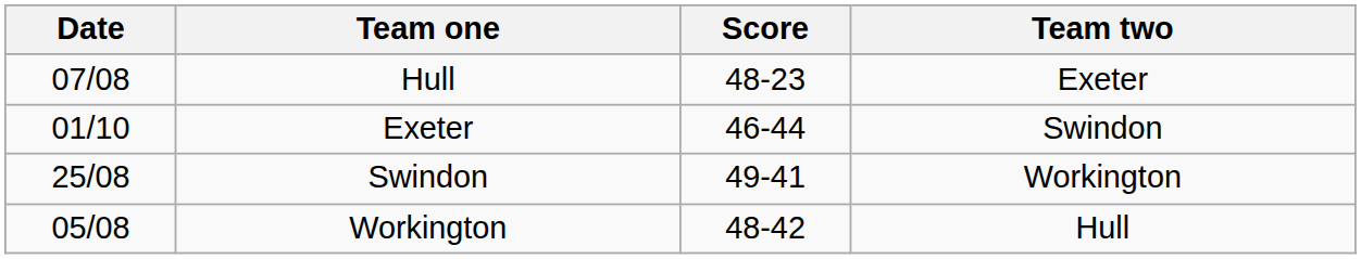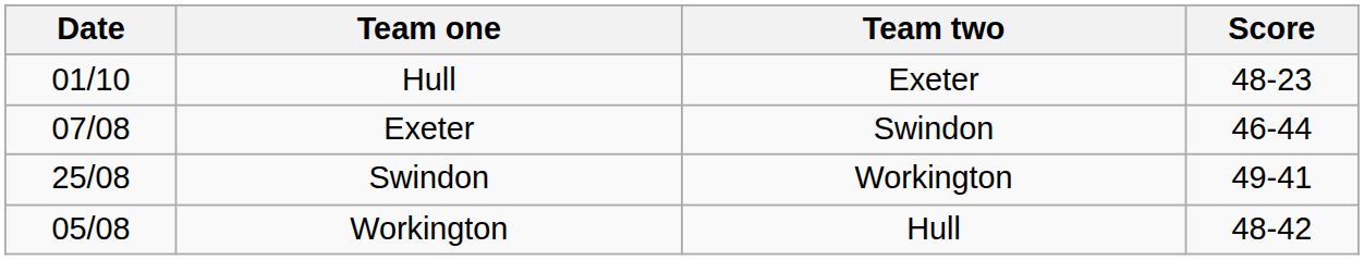 <table class="wikitable" style="text-align: center">
 <tr>
 <th width=80>Date</th>
 <th width=250>Team one</th>
+<th width=250>Team two</th>
 <th width=80>Score</th>
-<th width=250>Team two</th>
+</tr>
+<tr>
+<td>01/10</td>
+<td>Hull</td>
+<td>Exeter</td>
+<td>48-23</td>
 </tr>
 <tr>
 <td>07/08</td>
-<td>Hull</td>
-<td>48-23</td>
 <td>Exeter</td>
-</tr>
-<tr>
-<td>01/10</td>
-<td>Exeter</td>
+<td>Swindon</td>
 <td>46-44</td>
-<td>Swindon</td>
 </tr>
 <tr>
 <td>25/08</td>
 <td>Swindon</td>
+<td>Workington</td>
 <td>49-41</td>
-<td>Workington</td>
 </tr>
 <tr>
 <td>05/08</td>
 <td>Workington</td>
+<td>Hull</td>
 <td>48-42</td>
-<td>Hull</td>
 </tr>
 </table>
